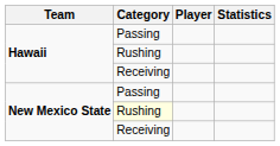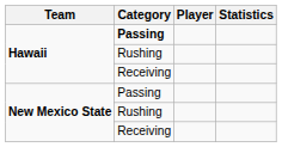 <table class="wikitable" style="float: right;">
 <tr>
 <th>Team</th>
 <th>Category</th>
 <th>Player</th>
 <th>Statistics</th>
 </tr>
 <tr>
 <td rowspan=3><strong>Hawaii</strong></td>
-<td>Passing</td>
+<td><strong>Passing</strong></td>
 <td></td>
 <td></td>
 </tr>
 <tr>
 <td>Rushing</td>
 <td></td>
 <td></td>
 </tr>
 <tr>
 <td>Receiving</td>
 <td></td>
 <td></td>
 </tr>
 <tr>
 <td rowspan=3><strong>New Mexico State</strong></td>
 <td>Passing</td>
 <td></td>
 <td></td>
 </tr>
 <tr>
-<td style="background: lightyellow;">Rushing</td>
+<td>Rushing</td>
 <td></td>
 <td></td>
 </tr>
 <tr>
 <td>Receiving</td>
 <td></td>
 <td></td>
 </tr>
 </table>
